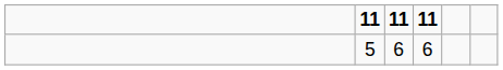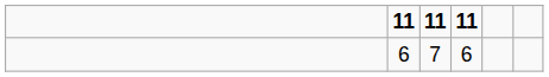 <table class="wikitable">
 <tr>
 <td style="width:18em"><strong></strong></td>
 <td align=center style="width:1em"><strong>11</strong></td>
 <td align=center style="width:1em"><strong>11</strong></td>
 <td align=center style="width:1em"><strong>11</strong></td>
 <td align=center style="width:1em"></td>
 <td align=center style="width:1em"></td>
 </tr>
 <tr>
 <td style="width:18em"></td>
-<td align=center style="width:1em">5</td>
 <td align=center style="width:1em">6</td>
+<td align=center style="width:1em">7</td>
 <td align=center style="width:1em">6</td>
 <td align=center style="width:1em"></td>
 <td align=center style="width:1em"></td>
 </tr>
 </table>
